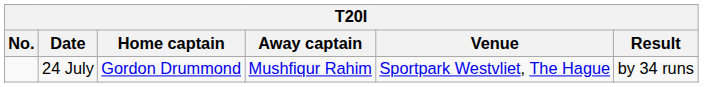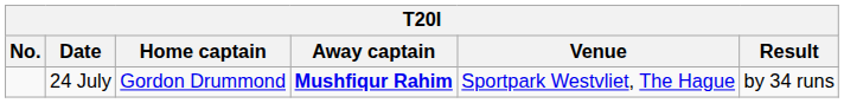 <table class="wikitable">
 <tr>
 <th colspan="9">T20I</th>
 </tr>
 <tr>
 <th>No.</th>
 <th>Date</th>
 <th>Home captain</th>
 <th>Away captain</th>
 <th>Venue</th>
 <th>Result</th>
 </tr>
 <tr>
 <td></td>
 <td>24 July</td>
 <td><a href='#'>Gordon Drummond</a></td>
-<td><a href='#'>Mushfiqur Rahim</a></td>
+<td><strong><a href='#'>Mushfiqur Rahim</a></strong></td>
 <td><a href='#'>Sportpark Westvliet</a>, <a href='#'>The Hague</a></td>
 <td> by 34 runs</td>
 </tr>
 </table>
